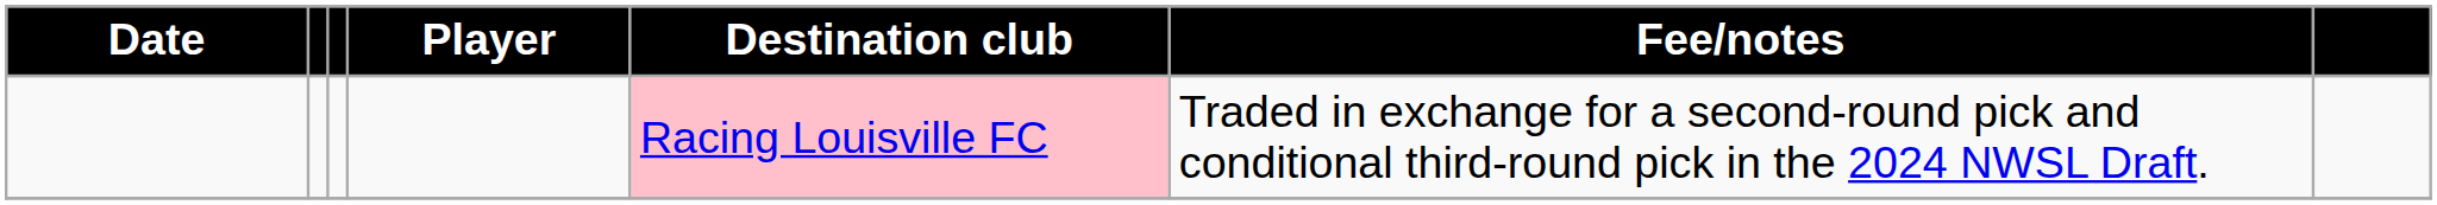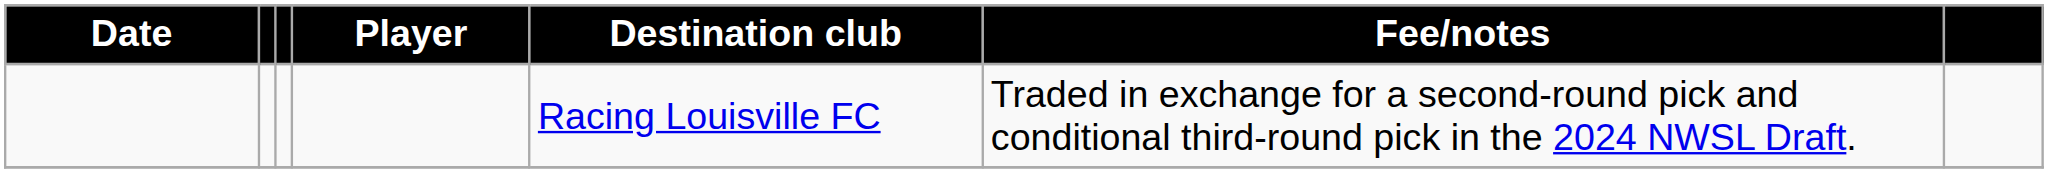 <table class="wikitable sortable">
 <tr>
 <th style="background:#000; color:#fff; width:110px;" scope="col">Date</th>
 <th style="background:#000; color:#fff;" scope="col"></th>
 <th style="background:#000; color:#fff;" scope="col"></th>
 <th style="background:#000; color:#fff; width:100px;" scope="col">Player</th>
 <th style="background:#000; color:#fff; width:200px;" scope="col">Destination club</th>
 <th style="background:#000; color:#fff; width:450px;" scope="col">Fee/notes</th>
 <th style="background:#000; color:#fff; width:40px;" scope="col"></th>
 </tr>
 <tr>
 <td></td>
 <td></td>
 <td></td>
 <td></td>
-<td style="background: pink;"> <a href='#'>Racing Louisville FC</a></td>
+<td> <a href='#'>Racing Louisville FC</a></td>
 <td>Traded in exchange for a second-round pick and conditional third-round pick in the <a href='#'>2024 NWSL Draft</a>.</td>
 <td></td>
 </tr>
 <tr>
 </tr>
 </table>
